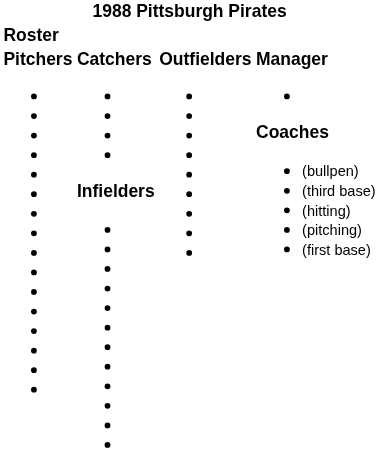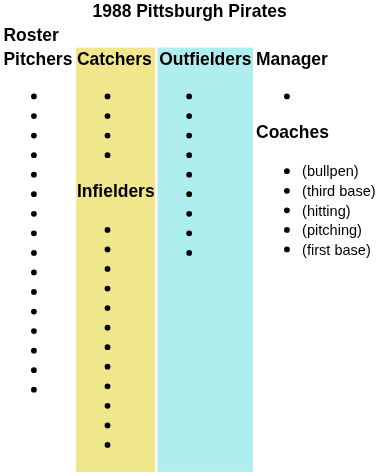 <table class="toccolours" style="font-size: 95%;">
 <tr>
 <th colspan="10">1988 Pittsburgh Pirates</th>
 </tr>
 <tr>
 <td colspan="10"><strong>Roster</strong></td>
 </tr>
 <tr>
 <td valign="top"><strong>Pitchers</strong><br><ul><li></li><li></li><li></li><li></li><li></li><li></li><li></li><li></li><li></li><li></li><li></li><li></li><li></li><li></li><li></li><li></li></ul></td>
-<td valign="top"><strong>Catchers</strong><br><ul><li></li><li></li><li></li><li></li></ul><strong>Infielders</strong><ul><li></li><li></li><li></li><li></li><li></li><li></li><li></li><li></li><li></li><li></li><li></li><li></li></ul></td>
-<td valign="top"><strong>Outfielders</strong><br><ul><li></li><li></li><li></li><li></li><li></li><li></li><li></li><li></li><li></li></ul></td>
+<td valign="top" style="background: khaki;"><strong>Catchers</strong><br><ul><li></li><li></li><li></li><li></li></ul><strong>Infielders</strong><ul><li></li><li></li><li></li><li></li><li></li><li></li><li></li><li></li><li></li><li></li><li></li><li></li></ul></td>
+<td valign="top" style="background: paleturquoise;"><strong>Outfielders</strong><br><ul><li></li><li></li><li></li><li></li><li></li><li></li><li></li><li></li><li></li></ul></td>
 <td valign="top"><strong>Manager</strong><br><ul><li></li></ul><strong>Coaches</strong><ul><li> <small>(bullpen)</small></li><li> <small>(third base)</small></li><li> <small>(hitting)</small></li><li> <small>(pitching)</small></li><li> <small>(first base)</small></li></ul></td>
 </tr>
 </table>
